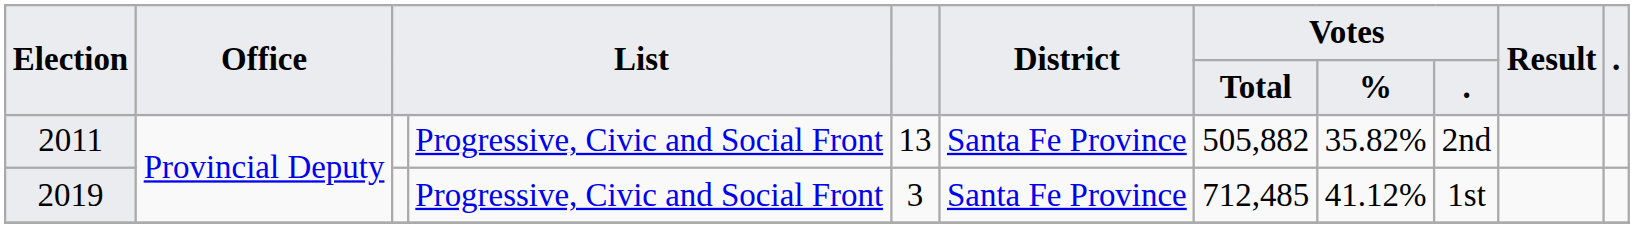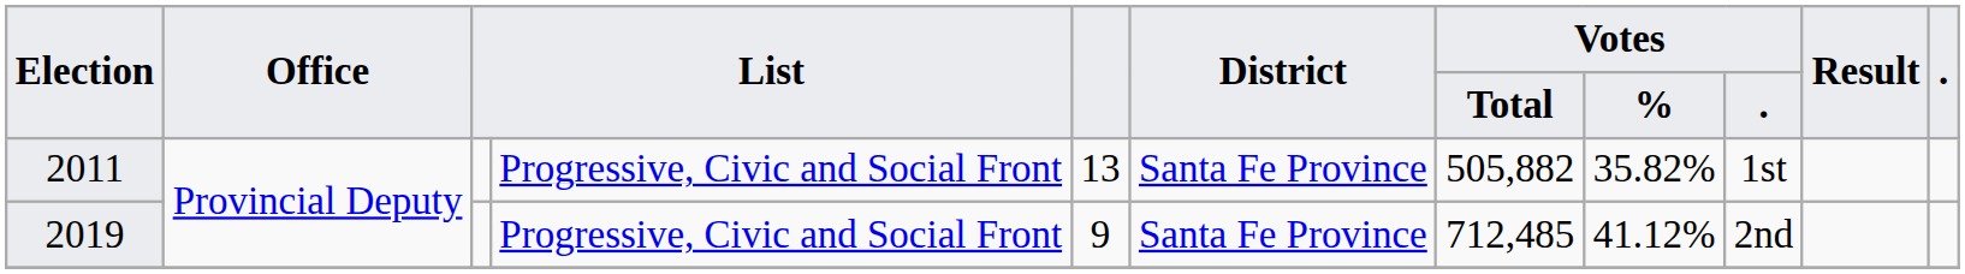 <table class="wikitable" style="font-size:90%; text-align:center;">
 <tr>
 <th style="background-color:#EAECF0;" rowspan=2>Election</th>
 <th style="background-color:#EAECF0;" rowspan=2>Office</th>
 <th style="background-color:#EAECF0;" colspan=2 rowspan=2>List</th>
 <th style="background-color:#EAECF0;" rowspan=2></th>
 <th style="background-color:#EAECF0;" rowspan=2>District</th>
 <th style="background-color:#EAECF0;" colspan=3>Votes</th>
 <th style="background-color:#EAECF0;" rowspan=2>Result</th>
 <th style="background-color:#EAECF0;" rowspan=2>.</th>
 </tr>
 <tr>
 <th style="background-color:#EAECF0;">Total</th>
 <th style="background-color:#EAECF0;">%</th>
 <th style="background-color:#EAECF0;">.</th>
 </tr>
 <tr>
 <td style="background-color:#EAECF0;">2011</td>
 <td rowspan="2"><a href='#'>Provincial Deputy</a></td>
 <td style="background-color:"></td>
 <td><a href='#'>Progressive, Civic and Social Front</a></td>
 <td>13</td>
 <td><a href='#'>Santa Fe Province</a></td>
 <td>505,882</td>
 <td>35.82%</td>
-<td>2nd</td>
+<td>1st</td>
 <td></td>
 <td></td>
 </tr>
 <tr>
 <td style="background-color:#EAECF0;">2019</td>
 <td style="background-color:"></td>
 <td><a href='#'>Progressive, Civic and Social Front</a></td>
-<td>3</td>
+<td>9</td>
 <td><a href='#'>Santa Fe Province</a></td>
 <td>712,485</td>
 <td>41.12%</td>
-<td>1st</td>
+<td>2nd</td>
 <td></td>
 <td></td>
 </tr>
 <tr>
 </tr>
 </table>
